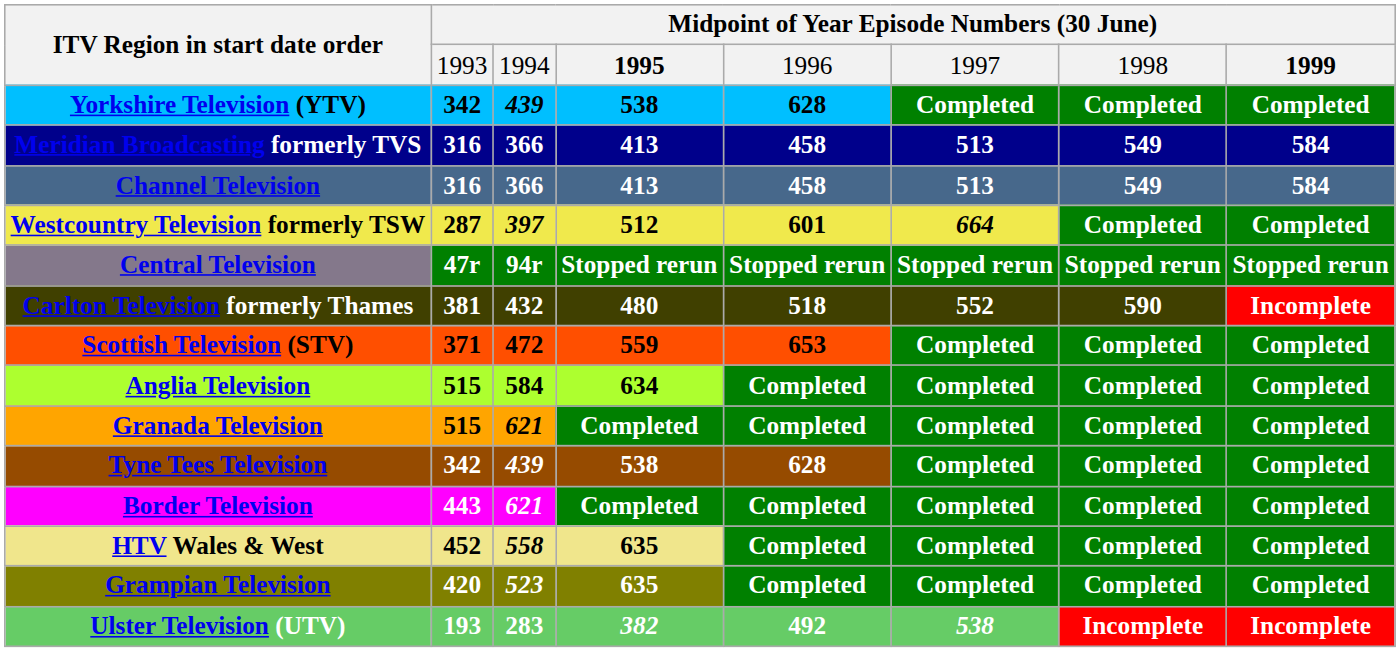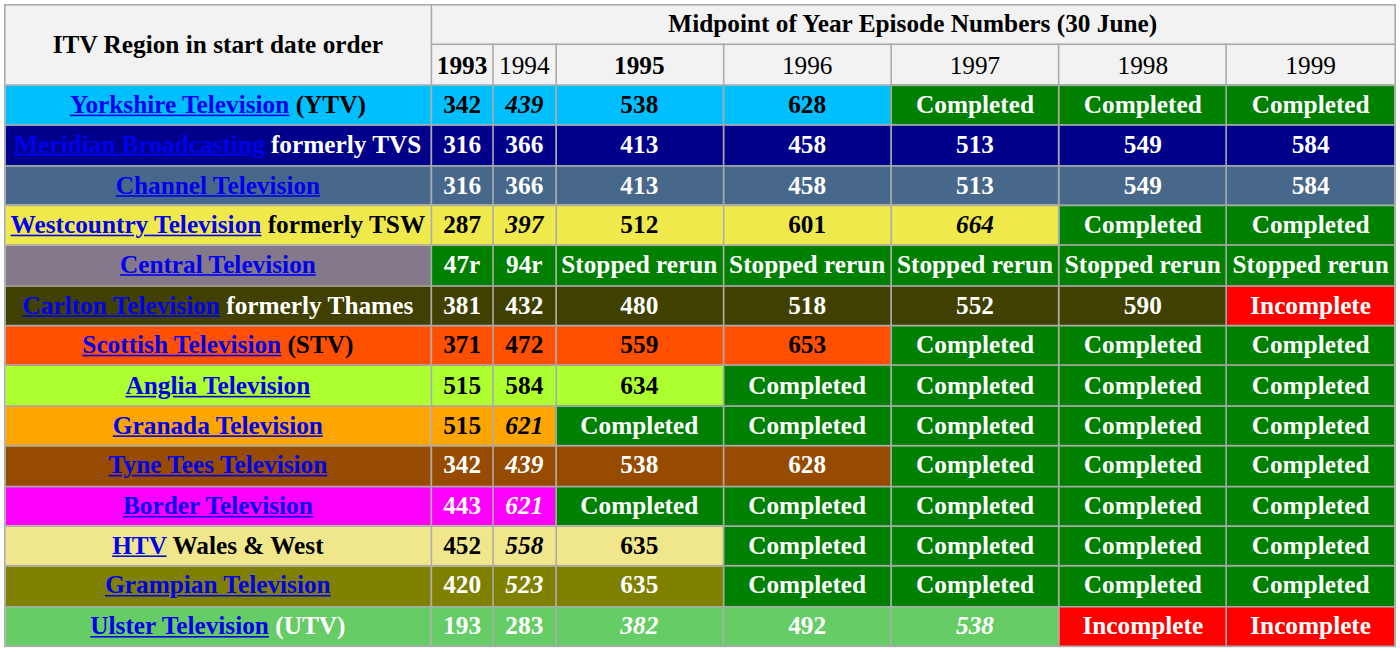 <table class="wikitable">
 <tr>
 <td rowspan="2" bgcolor="#f2f2f2" style="text-align:center;"><strong>ITV Region in start date order</strong></td>
 <td colspan="7" bgcolor="#f2f2f2" style="text-align:center;"><strong>Midpoint of Year Episode Numbers (30 June)</strong></td>
 </tr>
 <tr>
-<td bgcolor="#f2f2f2" style="text-align:center;">1993</td>
+<td bgcolor="#f2f2f2" style="text-align:center;"><strong>1993</strong></td>
 <td bgcolor="#f2f2f2" style="text-align:center;">1994</td>
 <td bgcolor="#f2f2f2" style="text-align:center;"><strong>1995</strong></td>
 <td bgcolor="#f2f2f2" style="text-align:center;">1996</td>
 <td bgcolor="#f2f2f2" style="text-align:center;">1997</td>
 <td bgcolor="#f2f2f2" style="text-align:center;">1998</td>
-<td bgcolor="#f2f2f2" style="text-align:center;"><strong>1999</strong></td>
+<td bgcolor="#f2f2f2" style="text-align:center;">1999</td>
 </tr>
 <tr>
 <th style="background-color: #00BFFF"><a href='#'>Yorkshire Television</a> (YTV)</th>
 <th style="background-color: #00BFFF">342</th>
 <th style="background-color: #00BFFF"><em>439</em></th>
 <th style="background-color: #00BFFF">538</th>
 <th style="background-color: #00BFFF">628</th>
 <th style="color:#FFFFFF; background-color: #008000">Completed</th>
 <th style="color:#FFFFFF; background-color: #008000">Completed</th>
 <th style="color:#FFFFFF; background-color: #008000">Completed</th>
 </tr>
 <tr>
 <th style="background-color: #00008B; color:#FFFFFF"><a href='#'>Meridian Broadcasting</a> formerly TVS</th>
 <th style="background-color: #00008B; color:#FFFFFF">316</th>
 <th style="background-color: #00008B; color:#FFFFFF">366</th>
 <th style="background-color: #00008B; color:#FFFFFF">413</th>
 <th style="background-color: #00008B; color:#FFFFFF">458</th>
 <th style="background-color: #00008B; color:#FFFFFF">513</th>
 <th style="background-color: #00008B; color:#FFFFFF">549</th>
 <th style="background-color: #00008B; color:#FFFFFF">584</th>
 </tr>
 <tr>
 <th style="background-color: #47688B; color:#FFFFFF"><a href='#'>Channel Television</a></th>
 <th style="background-color: #47688B; color:#FFFFFF">316</th>
 <th style="background-color: #47688B; color:#FFFFFF">366</th>
 <th style="background-color: #47688B; color:#FFFFFF">413</th>
 <th style="background-color: #47688B; color:#FFFFFF">458</th>
 <th style="background-color: #47688B; color:#FFFFFF">513</th>
 <th style="background-color: #47688B; color:#FFFFFF">549</th>
 <th style="background-color: #47688B; color:#FFFFFF">584</th>
 </tr>
 <tr>
 <th style="background-color: #F0E94C"><a href='#'>Westcountry Television</a> formerly TSW</th>
 <th style="background-color: #F0E94C">287</th>
 <th style="background-color: #F0E94C"><em>397</em></th>
 <th style="background-color: #F0E94C">512</th>
 <th style="background-color: #F0E94C">601</th>
 <th style="background-color: #F0E94C"><em>664</em></th>
 <th style="color:#FFFFFF; background-color: #008000">Completed</th>
 <th style="color:#FFFFFF; background-color: #008000">Completed</th>
 </tr>
 <tr>
 <th style="background-color: #84788B"><a href='#'>Central Television</a></th>
 <th style="color:#FFFFFF; background-color: #008000">47r</th>
 <th style="color:#FFFFFF; background-color: #008000">94r</th>
 <th style="color:#FFFFFF; background-color: #008000">Stopped rerun</th>
 <th style="color:#FFFFFF; background-color: #008000">Stopped rerun</th>
 <th style="color:#FFFFFF; background-color: #008000">Stopped rerun</th>
 <th style="color:#FFFFFF; background-color: #008000">Stopped rerun</th>
 <th style="color:#FFFFFF; background-color: #008000">Stopped rerun</th>
 </tr>
 <tr>
 <th style="color:#FFFFFF; background-color: #404000;"><a href='#'>Carlton Television</a> formerly Thames</th>
 <th style="color:#FFFFFF; background-color: #404000;">381</th>
 <th style="color:#FFFFFF; background-color: #404000;">432</th>
 <th style="color:#FFFFFF; background-color: #404000;">480</th>
 <th style="color:#FFFFFF; background-color: #404000;">518</th>
 <th style="color:#FFFFFF; background-color: #404000;">552</th>
 <th style="color:#FFFFFF; background-color: #404000;">590</th>
 <th style="color:#FFFFFF; background-color: #ff0000;">Incomplete</th>
 </tr>
 <tr>
 <th style="background-color: #ff4f00"><a href='#'>Scottish Television</a> (STV)</th>
 <th style="background-color: #ff4f00">371</th>
 <th style="background-color: #ff4f00">472</th>
 <th style="background-color: #ff4f00">559</th>
 <th style="background-color: #ff4f00">653</th>
 <th style="color:#FFFFFF; background-color: #008000">Completed</th>
 <th style="color:#FFFFFF; background-color: #008000">Completed</th>
 <th style="color:#FFFFFF; background-color: #008000">Completed</th>
 </tr>
 <tr ->
 <th style="background-color: #ADFF2F"><a href='#'>Anglia Television</a></th>
 <th style="background-color: #ADFF2F">515</th>
 <th style="background-color: #ADFF2F">584</th>
 <th style="background-color: #ADFF2F">634</th>
 <th style="color:#FFFFFF; background-color: #008000">Completed</th>
 <th style="color:#FFFFFF; background-color: #008000">Completed</th>
 <th style="color:#FFFFFF; background-color: #008000">Completed</th>
 <th style="color:#FFFFFF; background-color: #008000">Completed</th>
 </tr>
 <tr>
 <th style="background-color: #FFA500"><a href='#'>Granada Television</a></th>
 <th style="background-color: #FFA500">515</th>
 <th style="background-color: #FFA500"><em>621</em></th>
 <th style="color:#FFFFFF; background-color: #008000">Completed</th>
 <th style="color:#FFFFFF; background-color: #008000">Completed</th>
 <th style="color:#FFFFFF; background-color: #008000">Completed</th>
 <th style="color:#FFFFFF; background-color: #008000">Completed</th>
 <th style="color:#FFFFFF; background-color: #008000">Completed</th>
 </tr>
 <tr>
 <th style="color:#FFFFFF; background-color: #964B00"><a href='#'>Tyne Tees Television</a></th>
 <th style="color:#FFFFFF; background-color: #964B00">342</th>
 <th style="color:#FFFFFF; background-color: #964B00"><em>439</em></th>
 <th style="color:#FFFFFF; background-color: #964B00">538</th>
 <th style="color:#FFFFFF; background-color: #964B00">628</th>
 <th style="color:#FFFFFF; background-color: #008000">Completed</th>
 <th style="color:#FFFFFF; background-color: #008000">Completed</th>
 <th style="color:#FFFFFF; background-color: #008000">Completed</th>
 </tr>
 <tr>
 <th style="color:#FFFFFF; background-color: #ff00ff"><a href='#'>Border Television</a></th>
 <th style="color:#FFFFFF; background-color: #ff00ff">443</th>
 <th style="color:#FFFFFF; background-color: #ff00ff"><em>621</em></th>
 <th style="color:#FFFFFF; background-color: #008000">Completed</th>
 <th style="color:#FFFFFF; background-color: #008000">Completed</th>
 <th style="color:#FFFFFF; background-color: #008000">Completed</th>
 <th style="color:#FFFFFF; background-color: #008000">Completed</th>
 <th style="color:#FFFFFF; background-color: #008000">Completed</th>
 </tr>
 <tr>
 <th style="background-color: #F0E68C"><a href='#'>HTV</a> Wales & West</th>
 <th style="background-color: #F0E68C">452</th>
 <th style="background-color: #F0E68C"><em>558</em></th>
 <th style="background-color: #F0E68C">635</th>
 <th style="color:#FFFFFF; background-color: #008000">Completed</th>
 <th style="color:#FFFFFF; background-color: #008000">Completed</th>
 <th style="color:#FFFFFF; background-color: #008000">Completed</th>
 <th style="color:#FFFFFF; background-color: #008000">Completed</th>
 </tr>
 <tr>
 <th style="color:#FFFFFF; background-color: #808000"><a href='#'>Grampian Television</a></th>
 <th style="color:#FFFFFF; background-color: #808000">420</th>
 <th style="color:#FFFFFF; background-color: #808000"><em>523</em></th>
 <th style="color:#FFFFFF; background-color: #808000">635</th>
 <th style="color:#FFFFFF; background-color: #008000">Completed</th>
 <th style="color:#FFFFFF; background-color: #008000">Completed</th>
 <th style="color:#FFFFFF; background-color: #008000">Completed</th>
 <th style="color:#FFFFFF; background-color: #008000">Completed</th>
 </tr>
 <tr>
 <th style="color:#FFFFFF; background-color: #66CC66;"><a href='#'>Ulster Television</a> (UTV)</th>
 <th style="color:#FFFFFF; background-color: #66CC66;">193</th>
 <th style="color:#FFFFFF; background-color: #66CC66;">283</th>
 <th style="color:#FFFFFF; background-color: #66CC66;"><em>382</em></th>
 <th style="color:#FFFFFF; background-color: #66CC66;">492</th>
 <th style="color:#FFFFFF; background-color: #66CC66;"><em>538</em></th>
 <th style="color:#FFFFFF; background-color: #ff0000;">Incomplete</th>
 <th style="color:#FFFFFF; background-color: #ff0000;">Incomplete</th>
 </tr>
 </table>
